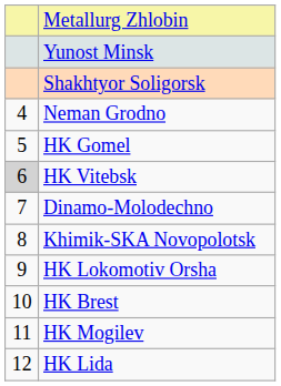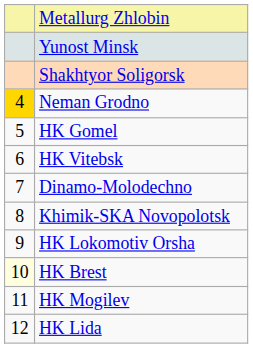 <table class="wikitable" style="width:220px;">
 <tr style="background:#F7F6A8;">
 <td align=center style="width:20px;"></td>
 <td><a href='#'>Metallurg Zhlobin</a></td>
 </tr>
 <tr style="background:#DCE5E5;">
 <td align=center></td>
 <td><a href='#'>Yunost Minsk</a></td>
 </tr>
 <tr style="background:#FFDAB9;">
 <td align=center></td>
 <td><a href='#'>Shakhtyor Soligorsk</a></td>
 </tr>
 <tr>
-<td align=center>4</td>
+<td align=center style="background: gold;">4</td>
 <td><a href='#'>Neman Grodno</a></td>
 </tr>
 <tr>
 <td align=center>5</td>
 <td><a href='#'>HK Gomel</a></td>
 </tr>
 <tr>
-<td align=center style="background: lightgrey;">6</td>
+<td align=center>6</td>
 <td><a href='#'>HK Vitebsk</a></td>
 </tr>
 <tr>
 <td align=center>7</td>
 <td><a href='#'>Dinamo-Molodechno</a></td>
 </tr>
 <tr>
 <td align=center>8</td>
 <td><a href='#'>Khimik-SKA Novopolotsk</a></td>
 </tr>
 <tr>
 <td align=center>9</td>
 <td><a href='#'>HK Lokomotiv Orsha</a></td>
 </tr>
 <tr>
-<td align=center>10</td>
+<td align=center style="background: lightyellow;">10</td>
 <td><a href='#'>HK Brest</a></td>
 </tr>
 <tr>
 <td align=center>11</td>
 <td><a href='#'>HK Mogilev</a></td>
 </tr>
 <tr>
 <td align=center>12</td>
 <td><a href='#'>HK Lida</a></td>
 </tr>
 </table>
